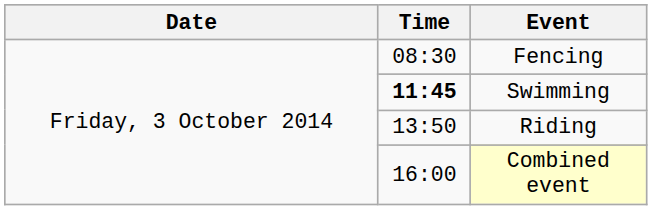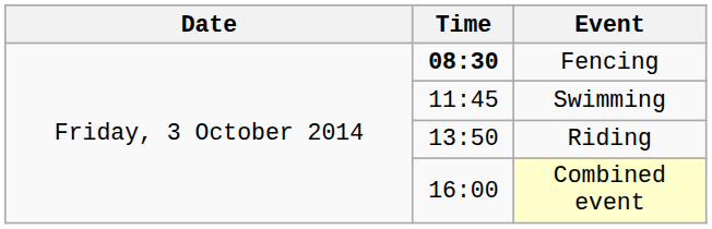 <table class = "wikitable" style="text-align:center;">
 <tr>
 <th width=220>Date</th>
 <th width=50>Time</th>
 <th width=100>Event</th>
 </tr>
 <tr>
 <td rowspan=4>Friday, 3 October 2014</td>
-<td>08:30</td>
+<td><strong>08:30</strong></td>
 <td>Fencing</td>
 </tr>
 <tr>
-<td><strong>11:45</strong></td>
+<td>11:45</td>
 <td>Swimming</td>
 </tr>
 <tr>
 <td>13:50</td>
 <td>Riding</td>
 </tr>
 <tr>
 <td>16:00</td>
 <td bgcolor=ffffcc>Combined event</td>
 </tr>
 </table>
